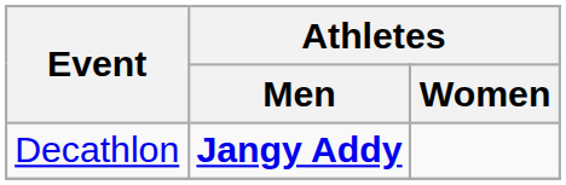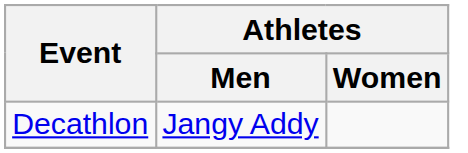 <table class=wikitable style="font-size:90%">
 <tr>
 <th rowspan=2>Event</th>
 <th colspan=2>Athletes</th>
 </tr>
 <tr>
 <th>Men</th>
 <th>Women</th>
 </tr>
 <tr>
 <td><a href='#'>Decathlon</a></td>
-<td><strong><a href='#'>Jangy Addy</a></strong></td>
+<td><a href='#'>Jangy Addy</a></td>
 <td></td>
 </tr>
 <tr>
 </tr>
 </table>
